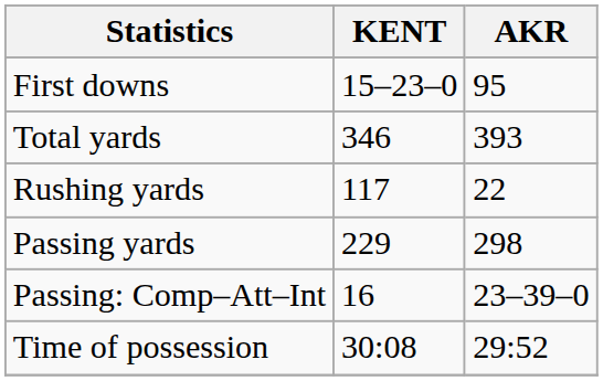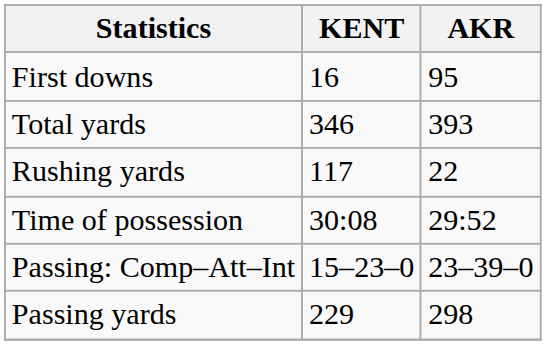 <table class="wikitable" style="float: left;">
 <tr>
 <th>Statistics</th>
 <th>KENT</th>
 <th>AKR</th>
 </tr>
 <tr>
 <td>First downs</td>
-<td>15–23–0</td>
+<td>16</td>
 <td>95</td>
 </tr>
 <tr>
 <td>Total yards</td>
 <td>346</td>
 <td>393</td>
 </tr>
 <tr>
 <td>Rushing yards</td>
 <td>117</td>
 <td>22</td>
 </tr>
 <tr>
+<td>Time of possession</td>
+<td>30:08</td>
+<td>29:52</td>
+</tr>
+<tr>
+<td>Passing: Comp–Att–Int</td>
+<td>15–23–0</td>
+<td>23–39–0</td>
+</tr>
+<tr>
 <td>Passing yards</td>
 <td>229</td>
 <td>298</td>
 </tr>
 <tr>
-<td>Passing: Comp–Att–Int</td>
-<td>16</td>
-<td>23–39–0</td>
-</tr>
-<tr>
-<td>Time of possession</td>
-<td>30:08</td>
-<td>29:52</td>
-</tr>
-<tr>
 </tr>
 </table>
